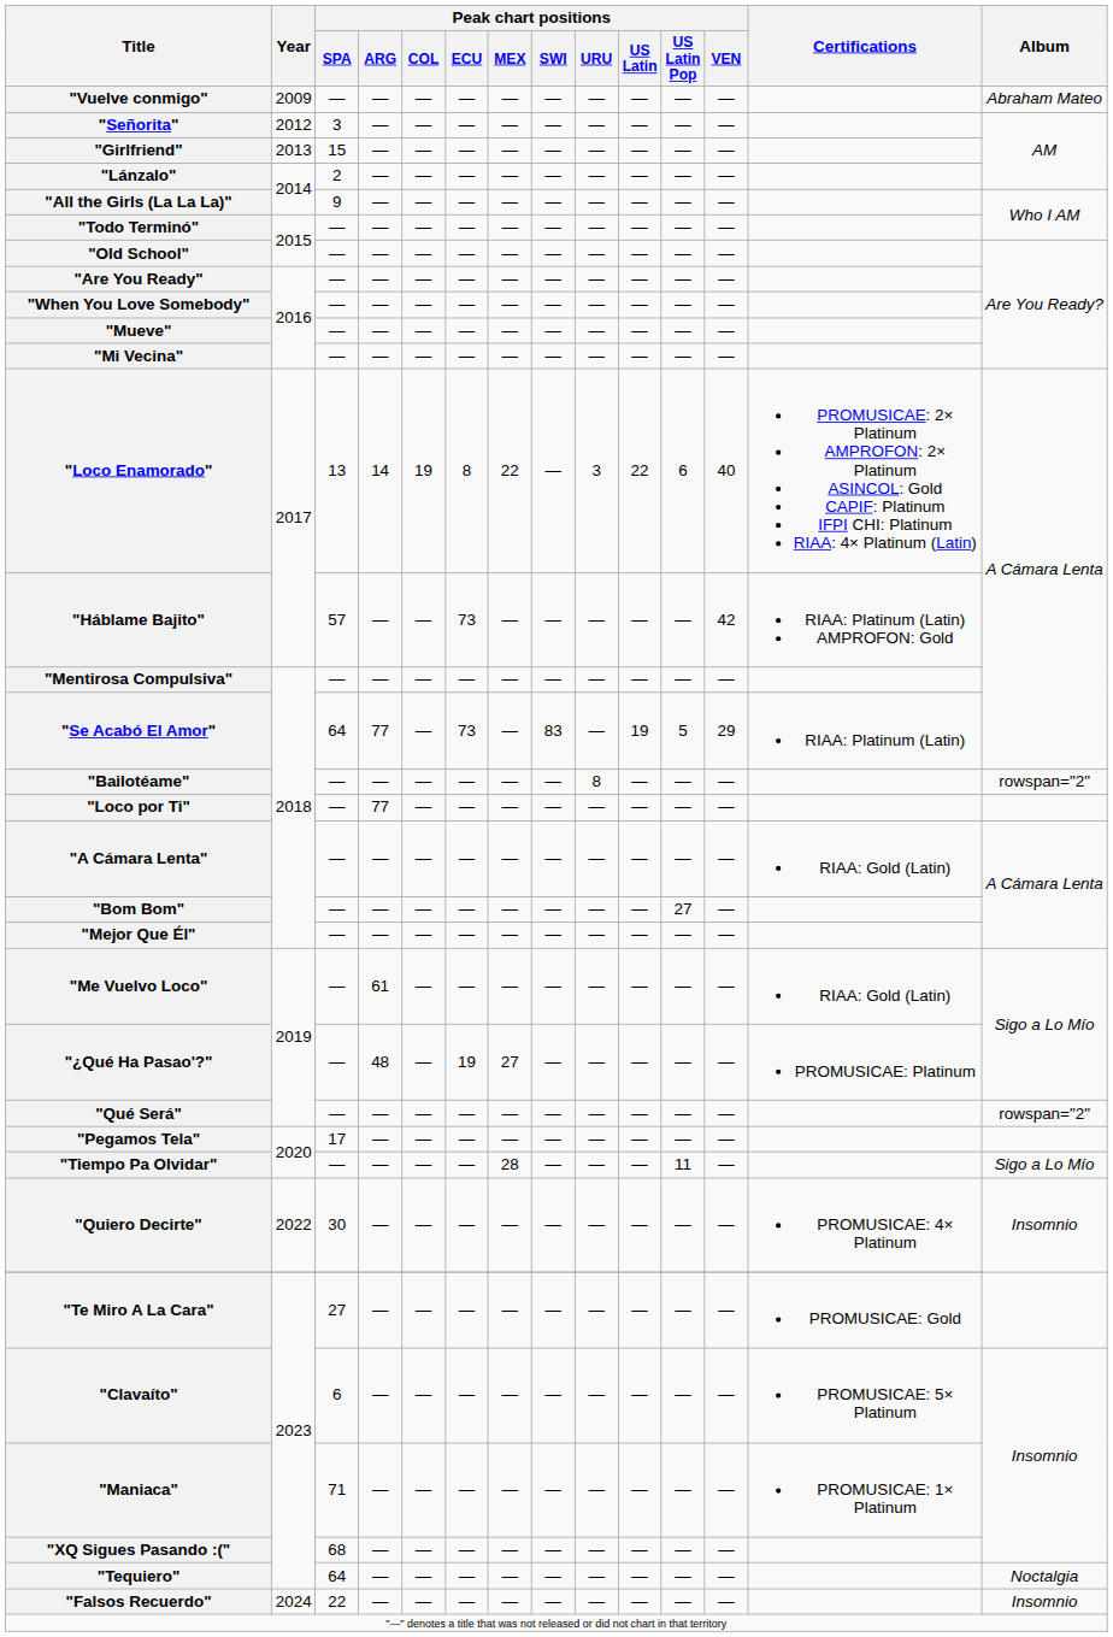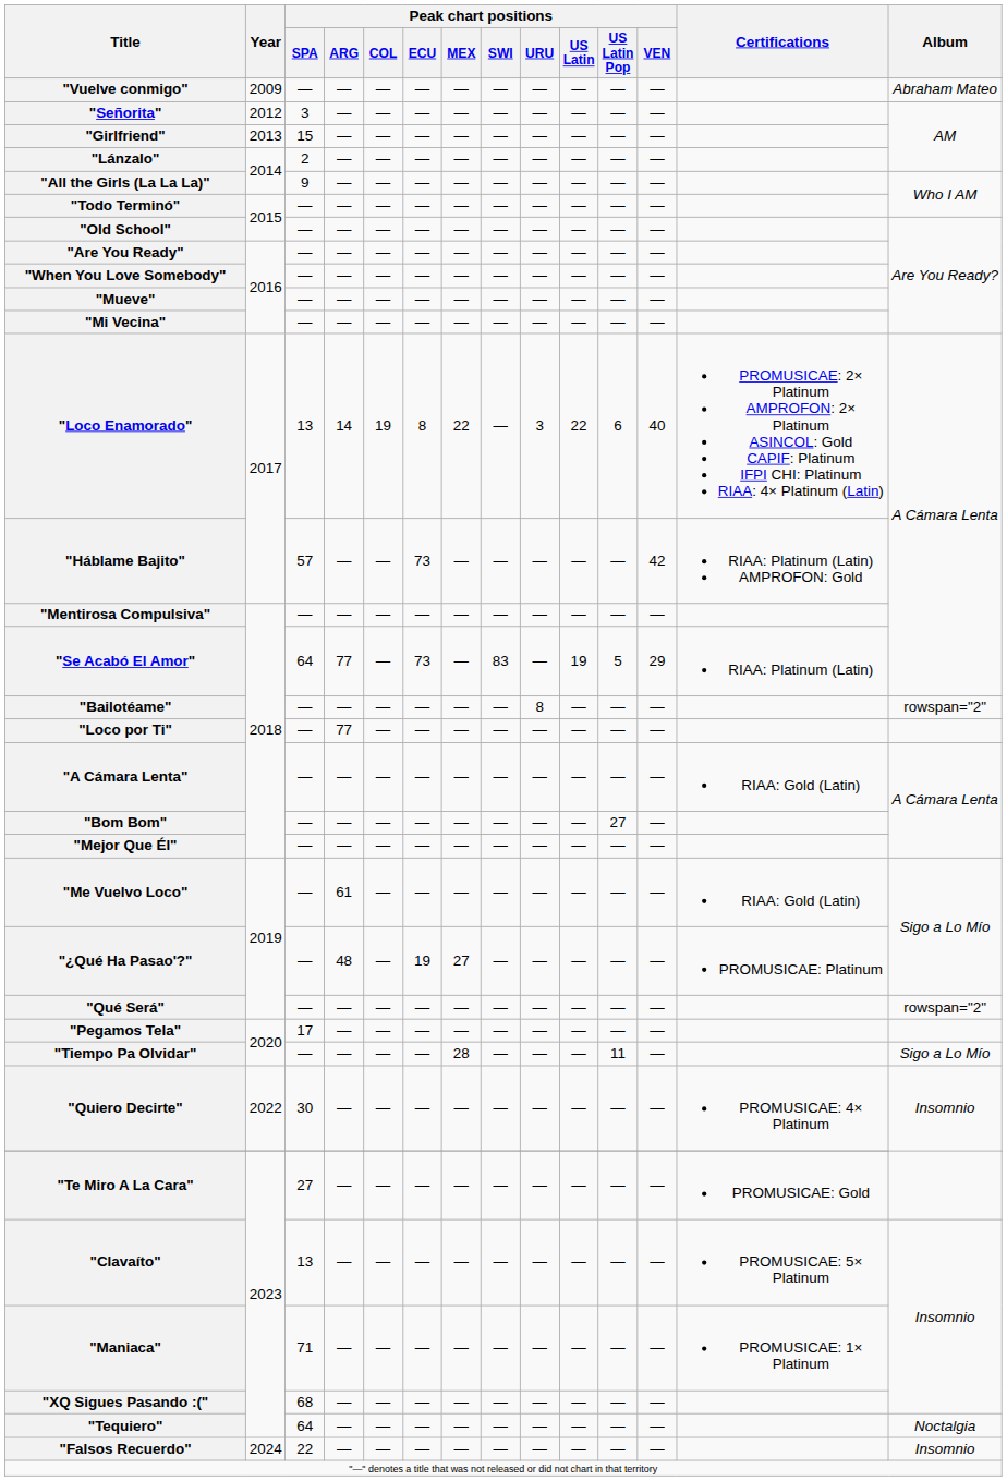 <table class="wikitable plainrowheaders" style="text-align:center;">
 <tr>
 <th scope="col" rowspan="2" style="width:16em;">Title</th>
 <th scope="col" rowspan="2">Year</th>
 <th scope="col" colspan="10">Peak chart positions</th>
 <th scope="col" rowspan="2" style="width:14em;"><a href='#'>Certifications</a></th>
 <th scope="col" rowspan="2">Album</th>
 </tr>
 <tr>
 <th scope="col" style="width:2.5em;font-size:90%;"><a href='#'>SPA</a><br></th>
 <th scope="col" style="width:2.5em;font-size:90%;"><a href='#'>ARG</a><br></th>
 <th scope="col" style="width:2.5em;font-size:90%;"><a href='#'>COL</a><br></th>
 <th scope="col" style="width:2.5em;font-size:90%;"><a href='#'>ECU</a><br></th>
 <th scope="col" style="width:2.5em;font-size:90%;"><a href='#'>MEX</a><br></th>
 <th scope="col" style="width:2.5em;font-size:90%;"><a href='#'>SWI</a><br></th>
 <th scope="col" style="width:2.5em;font-size:90%;"><a href='#'>URU</a><br></th>
 <th scope="col" style="width:2.5em;font-size:90%;"><a href='#'>US<br>Latin</a><br></th>
 <th scope="col" style="width:2.5em;font-size:90%;"><a href='#'>US<br>Latin<br>Pop</a><br></th>
 <th scope="col" style="width:2.5em;font-size:90%;"><a href='#'>VEN</a><br></th>
 </tr>
 <tr>
 <th scope="row">"Vuelve conmigo"</th>
 <td align="center">2009</td>
 <td>—</td>
 <td>—</td>
 <td>—</td>
 <td>—</td>
 <td>—</td>
 <td>—</td>
 <td>—</td>
 <td>—</td>
 <td>—</td>
 <td>—</td>
 <td></td>
 <td><em>Abraham Mateo</em></td>
 </tr>
 <tr>
 <th scope="row">"<a href='#'>Señorita</a>"</th>
 <td>2012</td>
 <td>3</td>
 <td>—</td>
 <td>—</td>
 <td>—</td>
 <td>—</td>
 <td>—</td>
 <td>—</td>
 <td>—</td>
 <td>—</td>
 <td>—</td>
 <td></td>
 <td rowspan="3"><em>AM</em></td>
 </tr>
 <tr>
 <th scope="row">"Girlfriend"</th>
 <td>2013</td>
 <td>15</td>
 <td>—</td>
 <td>—</td>
 <td>—</td>
 <td>—</td>
 <td>—</td>
 <td>—</td>
 <td>—</td>
 <td>—</td>
 <td>—</td>
 <td></td>
 </tr>
 <tr>
 <th scope="row">"Lánzalo"</th>
 <td rowspan="2">2014</td>
 <td>2</td>
 <td>—</td>
 <td>—</td>
 <td>—</td>
 <td>—</td>
 <td>—</td>
 <td>—</td>
 <td>—</td>
 <td>—</td>
 <td>—</td>
 <td></td>
 </tr>
 <tr>
 <th scope="row">"All the Girls (La La La)"</th>
 <td>9</td>
 <td>—</td>
 <td>—</td>
 <td>—</td>
 <td>—</td>
 <td>—</td>
 <td>—</td>
 <td>—</td>
 <td>—</td>
 <td>—</td>
 <td></td>
 <td rowspan="2"><em>Who I AM</em></td>
 </tr>
 <tr>
 <th scope="row">"Todo Terminó"</th>
 <td rowspan="2">2015</td>
 <td>—</td>
 <td>—</td>
 <td>—</td>
 <td>—</td>
 <td>—</td>
 <td>—</td>
 <td>—</td>
 <td>—</td>
 <td>—</td>
 <td>—</td>
 <td></td>
 </tr>
 <tr>
 <th scope="row">"Old School"</th>
 <td>—</td>
 <td>—</td>
 <td>—</td>
 <td>—</td>
 <td>—</td>
 <td>—</td>
 <td>—</td>
 <td>—</td>
 <td>—</td>
 <td>—</td>
 <td></td>
 <td rowspan="5"><em>Are You Ready?</em></td>
 </tr>
 <tr>
 <th scope="row">"Are You Ready"</th>
 <td rowspan="4">2016</td>
 <td>—</td>
 <td>—</td>
 <td>—</td>
 <td>—</td>
 <td>—</td>
 <td>—</td>
 <td>—</td>
 <td>—</td>
 <td>—</td>
 <td>—</td>
 <td></td>
 </tr>
 <tr>
 <th scope="row">"When You Love Somebody"</th>
 <td>—</td>
 <td>—</td>
 <td>—</td>
 <td>—</td>
 <td>—</td>
 <td>—</td>
 <td>—</td>
 <td>—</td>
 <td>—</td>
 <td>—</td>
 <td></td>
 </tr>
 <tr>
 <th scope="row">"Mueve"<br></th>
 <td>—</td>
 <td>—</td>
 <td>—</td>
 <td>—</td>
 <td>—</td>
 <td>—</td>
 <td>—</td>
 <td>—</td>
 <td>—</td>
 <td>—</td>
 <td></td>
 </tr>
 <tr>
 <th scope="row">"Mi Vecina"</th>
 <td>—</td>
 <td>—</td>
 <td>—</td>
 <td>—</td>
 <td>—</td>
 <td>—</td>
 <td>—</td>
 <td>—</td>
 <td>—</td>
 <td>—</td>
 <td></td>
 </tr>
 <tr>
 <th scope="row">"<a href='#'>Loco Enamorado</a>"<br></th>
 <td rowspan="2">2017</td>
 <td>13</td>
 <td>14</td>
 <td>19</td>
 <td>8</td>
 <td>22</td>
 <td>—</td>
 <td>3</td>
 <td>22</td>
 <td>6</td>
 <td>40</td>
 <td><br><ul><li><a href='#'>PROMUSICAE</a>: 2× Platinum</li><li><a href='#'>AMPROFON</a>: 2× Platinum</li><li><a href='#'>ASINCOL</a>: Gold</li><li><a href='#'>CAPIF</a>: Platinum</li><li><a href='#'>IFPI</a> CHI: Platinum</li><li><a href='#'>RIAA</a>: 4× Platinum (<a href='#'>Latin</a>)</li></ul></td>
 <td rowspan="4"><em>A Cámara Lenta</em></td>
 </tr>
 <tr>
 <th scope="row">"Háblame Bajito"<br></th>
 <td>57</td>
 <td>—</td>
 <td>—</td>
 <td>73</td>
 <td>—</td>
 <td>—</td>
 <td>—</td>
 <td>—</td>
 <td>—</td>
 <td>42</td>
 <td><br><ul><li>RIAA: Platinum (Latin)</li><li>AMPROFON: Gold</li></ul></td>
 </tr>
 <tr>
 <th scope="row">"Mentirosa Compulsiva"<br></th>
 <td rowspan="7">2018</td>
 <td>—</td>
 <td>—</td>
 <td>—</td>
 <td>—</td>
 <td>—</td>
 <td>—</td>
 <td>—</td>
 <td>—</td>
 <td>—</td>
 <td>—</td>
 <td></td>
 </tr>
 <tr>
 <th scope="row">"<a href='#'>Se Acabó El Amor</a>"<br></th>
 <td>64</td>
 <td>77</td>
 <td>—</td>
 <td>73</td>
 <td>—</td>
 <td>83</td>
 <td>—</td>
 <td>19</td>
 <td>5</td>
 <td>29</td>
 <td><br><ul><li>RIAA: Platinum (Latin)</li></ul></td>
 </tr>
 <tr>
 <th scope="row">"Bailotéame"<br></th>
 <td>—</td>
 <td>—</td>
 <td>—</td>
 <td>—</td>
 <td>—</td>
 <td>—</td>
 <td>8</td>
 <td>—</td>
 <td>—</td>
 <td>—</td>
 <td></td>
 <td>rowspan="2" </td>
 </tr>
 <tr>
 <th scope="row">"Loco por Ti"<br></th>
 <td>—</td>
 <td>77</td>
 <td>—</td>
 <td>—</td>
 <td>—</td>
 <td>—</td>
 <td>—</td>
 <td>—</td>
 <td>—</td>
 <td>—</td>
 <td></td>
 </tr>
 <tr>
 <th scope="row">"A Cámara Lenta"</th>
 <td>—</td>
 <td>—</td>
 <td>—</td>
 <td>—</td>
 <td>—</td>
 <td>—</td>
 <td>—</td>
 <td>—</td>
 <td>—</td>
 <td>—</td>
 <td><br><ul><li>RIAA: Gold (Latin)</li></ul></td>
 <td rowspan="3"><em>A Cámara Lenta</em></td>
 </tr>
 <tr>
 <th scope="row">"Bom Bom"<br></th>
 <td>—</td>
 <td>—</td>
 <td>—</td>
 <td>—</td>
 <td>—</td>
 <td>—</td>
 <td>—</td>
 <td>—</td>
 <td>27</td>
 <td>—</td>
 <td></td>
 </tr>
 <tr>
 <th scope="row">"Mejor Que Él"</th>
 <td>—</td>
 <td>—</td>
 <td>—</td>
 <td>—</td>
 <td>—</td>
 <td>—</td>
 <td>—</td>
 <td>—</td>
 <td>—</td>
 <td>—</td>
 <td></td>
 </tr>
 <tr>
 <th scope="row">"Me Vuelvo Loco"<br></th>
 <td rowspan="3">2019</td>
 <td>—</td>
 <td>61</td>
 <td>—</td>
 <td>—</td>
 <td>—</td>
 <td>—</td>
 <td>—</td>
 <td>—</td>
 <td>—</td>
 <td>—</td>
 <td><br><ul><li>RIAA: Gold (Latin)</li></ul></td>
 <td rowspan="2"><em>Sigo a Lo Mío</em></td>
 </tr>
 <tr>
 <th scope="row">"¿Qué Ha Pasao'?"<br></th>
 <td>—</td>
 <td>48</td>
 <td>—</td>
 <td>19</td>
 <td>27</td>
 <td>—</td>
 <td>—</td>
 <td>—</td>
 <td>—</td>
 <td>—</td>
 <td><br><ul><li>PROMUSICAE: Platinum</li></ul></td>
 </tr>
 <tr>
 <th scope="row">"Qué Será"<br></th>
 <td>—</td>
 <td>—</td>
 <td>—</td>
 <td>—</td>
 <td>—</td>
 <td>—</td>
 <td>—</td>
 <td>—</td>
 <td>—</td>
 <td>—</td>
 <td></td>
 <td>rowspan="2" </td>
 </tr>
 <tr>
 <th scope="row">"Pegamos Tela"<br></th>
 <td rowspan="2">2020</td>
 <td>17</td>
 <td>—</td>
 <td>—</td>
 <td>—</td>
 <td>—</td>
 <td>—</td>
 <td>—</td>
 <td>—</td>
 <td>—</td>
 <td>—</td>
 <td></td>
 </tr>
 <tr>
 <th scope="row">"Tiempo Pa Olvidar"<br></th>
 <td>—</td>
 <td>—</td>
 <td>—</td>
 <td>—</td>
 <td>28</td>
 <td>—</td>
 <td>—</td>
 <td>—</td>
 <td>11</td>
 <td>—</td>
 <td></td>
 <td><em>Sigo a Lo Mío</em></td>
 </tr>
 <tr>
 <th scope="row">"Quiero Decirte"<br></th>
 <td>2022</td>
 <td>30</td>
 <td>—</td>
 <td>—</td>
 <td>—</td>
 <td>—</td>
 <td>—</td>
 <td>—</td>
 <td>—</td>
 <td>—</td>
 <td>—</td>
 <td><br><ul><li>PROMUSICAE: 4× Platinum</li></ul></td>
 <td><em>Insomnio</em></td>
 </tr>
 <tr>
 </tr>
 <tr>
 <th scope="row">"Te Miro A La Cara"<br></th>
 <td rowspan="5">2023</td>
 <td>27</td>
 <td>—</td>
 <td>—</td>
 <td>—</td>
 <td>—</td>
 <td>—</td>
 <td>—</td>
 <td>—</td>
 <td>—</td>
 <td>—</td>
 <td><br><ul><li>PROMUSICAE: Gold</li></ul></td>
 </tr>
 <tr>
 <th scope="row">"Clavaíto"<br></th>
-<td>6</td>
+<td>13</td>
 <td>—</td>
 <td>—</td>
 <td>—</td>
 <td>—</td>
 <td>—</td>
 <td>—</td>
 <td>—</td>
 <td>—</td>
 <td>—</td>
 <td><br><ul><li>PROMUSICAE: 5× Platinum</li></ul></td>
 <td rowspan=3><em>Insomnio</em></td>
 </tr>
 <tr>
 <th scope="row">"Maniaca"</th>
 <td>71</td>
 <td>—</td>
 <td>—</td>
 <td>—</td>
 <td>—</td>
 <td>—</td>
 <td>—</td>
 <td>—</td>
 <td>—</td>
 <td>—</td>
 <td><br><ul><li>PROMUSICAE: 1× Platinum</li></ul></td>
 </tr>
 <tr>
 <th scope="row">"XQ Sigues Pasando :("<br></th>
 <td>68</td>
 <td>—</td>
 <td>—</td>
 <td>—</td>
 <td>—</td>
 <td>—</td>
 <td>—</td>
 <td>—</td>
 <td>—</td>
 <td>—</td>
 <td></td>
 </tr>
 <tr>
 <th scope="row">"Tequiero"<br></th>
 <td>64</td>
 <td>—</td>
 <td>—</td>
 <td>—</td>
 <td>—</td>
 <td>—</td>
 <td>—</td>
 <td>—</td>
 <td>—</td>
 <td>—</td>
 <td></td>
 <td><em>Noctalgia</em></td>
 </tr>
 <tr>
 <th scope="row">"Falsos Recuerdo"<br></th>
 <td>2024</td>
 <td>22</td>
 <td>—</td>
 <td>—</td>
 <td>—</td>
 <td>—</td>
 <td>—</td>
 <td>—</td>
 <td>—</td>
 <td>—</td>
 <td>—</td>
 <td></td>
 <td><em>Insomnio</em></td>
 </tr>
 <tr>
 <td colspan="14" style="text-align:center; font-size:8pt;">"—" denotes a title that was not released or did not chart in that territory</td>
 </tr>
 </table>
